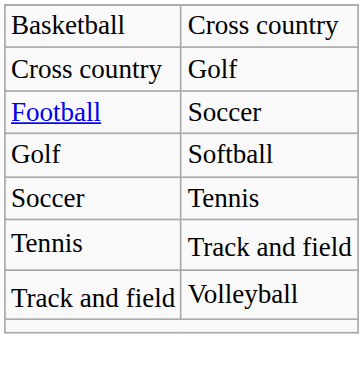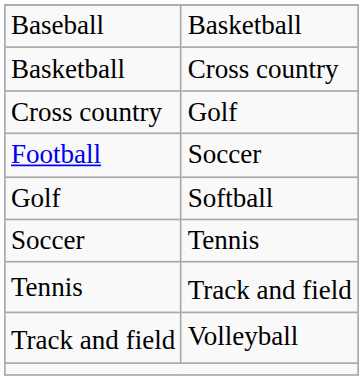 <table class="wikitable" style="float:right; clear:right; margin:0 0 1em 1em;">
 <tr>
+</tr>
+<tr>
+<td>Baseball</td>
+<td>Basketball</td>
 </tr>
 <tr>
 <td>Basketball</td>
 <td>Cross country</td>
 </tr>
 <tr>
 <td>Cross country</td>
 <td>Golf</td>
 </tr>
 <tr>
 <td><a href='#'>Football</a></td>
 <td>Soccer</td>
 </tr>
 <tr>
 <td>Golf</td>
 <td>Softball</td>
 </tr>
 <tr>
 <td>Soccer</td>
 <td>Tennis</td>
 </tr>
 <tr>
 <td>Tennis</td>
 <td>Track and field<sup></sup></td>
 </tr>
 <tr>
 <td>Track and field<sup></sup></td>
 <td>Volleyball</td>
 </tr>
 <tr>
 <td colspan="2"></td>
 </tr>
 </table>
